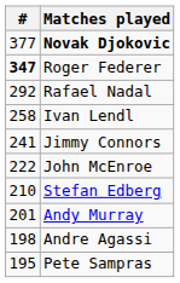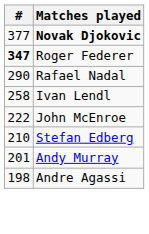 <table class="wikitable" style="display:inline-table;">
 <tr>
 <th>#</th>
 <th>Matches played</th>
 </tr>
 <tr>
 <td>377</td>
 <td> <strong>Novak Djokovic</strong></td>
 </tr>
 <tr>
 <td><strong>347</strong></td>
 <td> Roger Federer</td>
 </tr>
 <tr>
-<td>292</td>
+<td>290</td>
 <td> Rafael Nadal</td>
 </tr>
 <tr>
 <td>258</td>
 <td> Ivan Lendl</td>
-</tr>
-<tr>
-<td>241</td>
-<td> Jimmy Connors</td>
 </tr>
 <tr>
 <td>222</td>
 <td> John McEnroe</td>
 </tr>
 <tr>
 <td>210</td>
 <td> <a href='#'>Stefan Edberg</a></td>
 </tr>
 <tr>
 <td>201</td>
 <td> <a href='#'>Andy Murray</a></td>
 </tr>
 <tr>
 <td>198</td>
 <td> Andre Agassi</td>
 </tr>
-<tr>
-<td>195</td>
-<td> Pete Sampras</td>
-</tr>
 </table>
